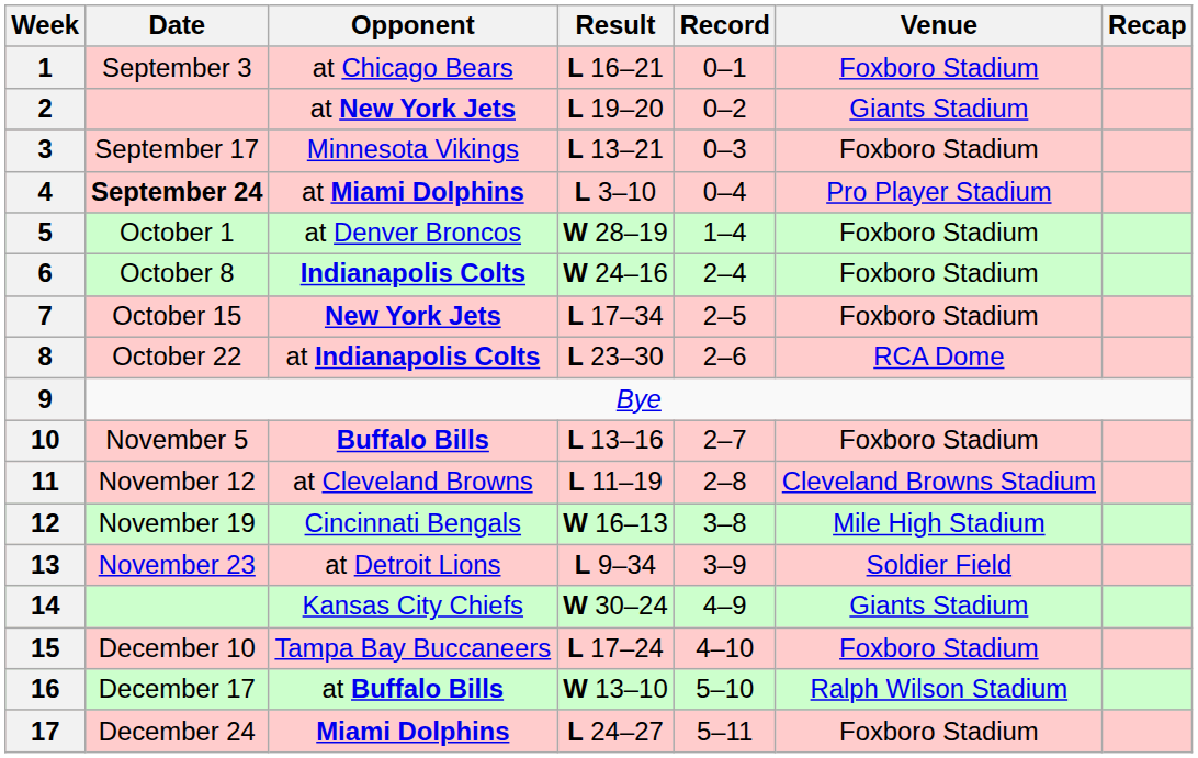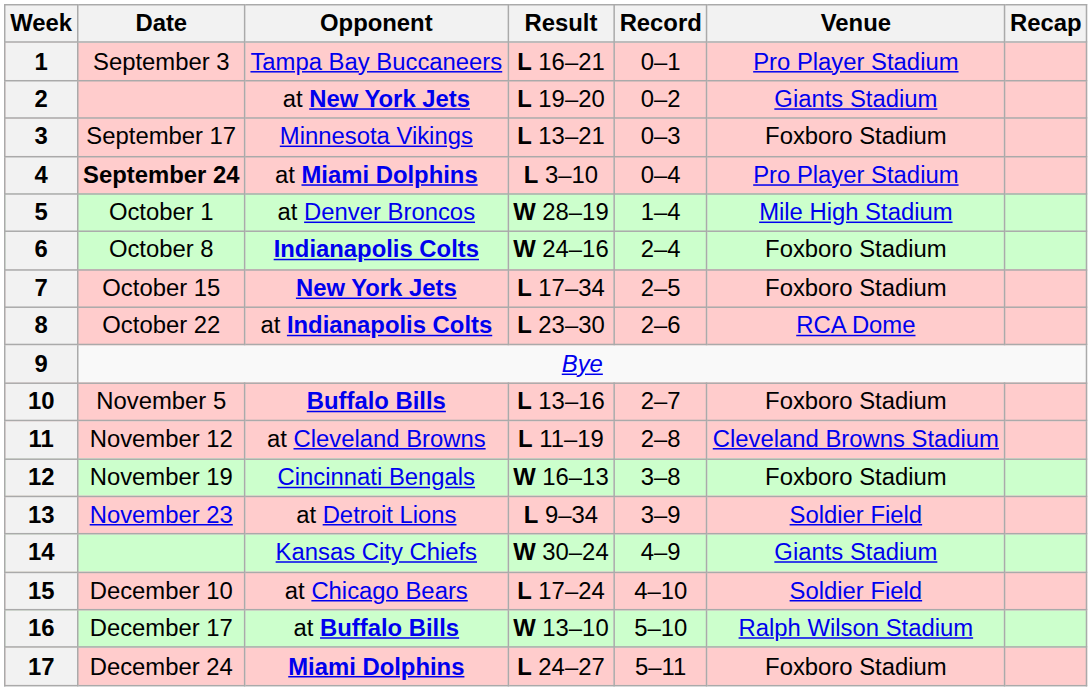 <table class="wikitable" style="text-align:center">
 <tr>
 <th>Week</th>
 <th>Date</th>
 <th>Opponent</th>
 <th>Result</th>
 <th>Record</th>
 <th>Venue</th>
 <th>Recap</th>
 </tr>
 <tr style="background: #fcc;">
 <th>1</th>
 <td>September 3</td>
-<td>at <a href='#'>Chicago Bears</a></td>
+<td><a href='#'>Tampa Bay Buccaneers</a></td>
 <td><strong>L</strong> 16–21</td>
 <td>0–1</td>
-<td><a href='#'>Foxboro Stadium</a></td>
+<td><a href='#'>Pro Player Stadium</a></td>
 <td></td>
 </tr>
 <tr style="background: #fcc;">
 <th>2</th>
 <td></td>
 <td>at <strong><a href='#'>New York Jets</a></strong></td>
 <td><strong>L</strong> 19–20</td>
 <td>0–2</td>
 <td><a href='#'>Giants Stadium</a></td>
 <td></td>
 </tr>
 <tr style="background: #fcc;">
 <th>3</th>
 <td>September 17</td>
 <td><a href='#'>Minnesota Vikings</a></td>
 <td><strong>L</strong> 13–21</td>
 <td>0–3</td>
 <td>Foxboro Stadium</td>
 <td></td>
 </tr>
 <tr style="background: #fcc;">
 <th>4</th>
 <td><strong>September 24</strong></td>
 <td>at <strong><a href='#'>Miami Dolphins</a></strong></td>
 <td><strong>L</strong> 3–10</td>
 <td>0–4</td>
 <td><a href='#'>Pro Player Stadium</a></td>
 <td></td>
 </tr>
 <tr style="background: #cfc;">
 <th>5</th>
 <td>October 1</td>
 <td>at <a href='#'>Denver Broncos</a></td>
 <td><strong>W</strong> 28–19</td>
 <td>1–4</td>
-<td>Foxboro Stadium</td>
+<td><a href='#'>Mile High Stadium</a></td>
 <td></td>
 </tr>
 <tr style="background: #cfc;">
 <th>6</th>
 <td>October 8</td>
 <td><strong><a href='#'>Indianapolis Colts</a></strong></td>
 <td><strong>W</strong> 24–16</td>
 <td>2–4</td>
 <td>Foxboro Stadium</td>
 <td></td>
 </tr>
 <tr style="background: #fcc;">
 <th>7</th>
 <td>October 15</td>
 <td><strong><a href='#'>New York Jets</a></strong></td>
 <td><strong>L</strong> 17–34</td>
 <td>2–5</td>
 <td>Foxboro Stadium</td>
 <td></td>
 </tr>
 <tr style="background: #fcc;">
 <th>8</th>
 <td>October 22</td>
 <td>at <strong><a href='#'>Indianapolis Colts</a></strong></td>
 <td><strong>L</strong> 23–30</td>
 <td>2–6</td>
 <td><a href='#'>RCA Dome</a></td>
 <td></td>
 </tr>
 <tr>
 <th>9</th>
 <td colspan=6 align="center"><em><a href='#'>Bye</a></em></td>
 </tr>
 <tr style="background: #fcc;">
 <th>10</th>
 <td>November 5</td>
 <td><strong><a href='#'>Buffalo Bills</a></strong></td>
 <td><strong>L</strong> 13–16 </td>
 <td>2–7</td>
 <td>Foxboro Stadium</td>
 <td></td>
 </tr>
 <tr style="background: #fcc;">
 <th>11</th>
 <td>November 12</td>
 <td>at <a href='#'>Cleveland Browns</a></td>
 <td><strong>L</strong> 11–19</td>
 <td>2–8</td>
 <td><a href='#'>Cleveland Browns Stadium</a></td>
 <td></td>
 </tr>
 <tr style="background: #cfc;">
 <th>12</th>
 <td>November 19</td>
 <td><a href='#'>Cincinnati Bengals</a></td>
 <td><strong>W</strong> 16–13</td>
 <td>3–8</td>
-<td><a href='#'>Mile High Stadium</a></td>
+<td>Foxboro Stadium</td>
 <td></td>
 </tr>
 <tr style="background: #fcc;">
 <th>13</th>
 <td><a href='#'>November 23</a></td>
 <td>at <a href='#'>Detroit Lions</a></td>
 <td><strong>L</strong> 9–34</td>
 <td>3–9</td>
 <td><a href='#'>Soldier Field</a></td>
 <td></td>
 </tr>
 <tr style="background: #cfc;">
 <th>14</th>
 <td></td>
 <td><a href='#'>Kansas City Chiefs</a></td>
 <td><strong>W</strong> 30–24</td>
 <td>4–9</td>
 <td><a href='#'>Giants Stadium</a></td>
 <td></td>
 </tr>
 <tr style="background: #fcc;">
 <th>15</th>
 <td>December 10</td>
-<td><a href='#'>Tampa Bay Buccaneers</a></td>
+<td>at <a href='#'>Chicago Bears</a></td>
 <td><strong>L</strong> 17–24</td>
 <td>4–10</td>
-<td><a href='#'>Foxboro Stadium</a></td>
+<td><a href='#'>Soldier Field</a></td>
 <td></td>
 </tr>
 <tr style="background: #cfc;">
 <th>16</th>
 <td>December 17</td>
 <td>at <strong><a href='#'>Buffalo Bills</a></strong></td>
 <td><strong>W</strong> 13–10 </td>
 <td>5–10</td>
 <td><a href='#'>Ralph Wilson Stadium</a></td>
 <td></td>
 </tr>
 <tr style="background: #fcc;">
 <th>17</th>
 <td>December 24</td>
 <td><strong><a href='#'>Miami Dolphins</a></strong></td>
 <td><strong>L</strong> 24–27</td>
 <td>5–11</td>
 <td>Foxboro Stadium</td>
 <td></td>
 </tr>
 </table>
